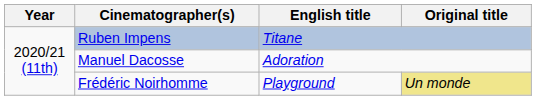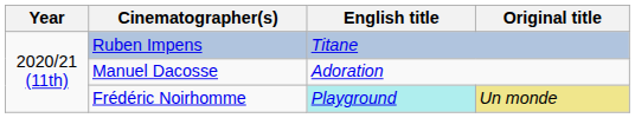 <table class="wikitable" width="95%" cellpadding="5">
 <tr>
 <th width="100"><strong>Year</strong></th>
 <th width="300"><strong>Cinematographer(s)</strong></th>
 <th width="300"><strong>English title</strong></th>
 <th width="300"><strong>Original title</strong></th>
 </tr>
 <tr>
 <td rowspan="3" style="text-align:center;">2020/21<br><a href='#'>(11th)</a></td>
 <td style="background:#B0C4DE;"><a href='#'>Ruben Impens</a></td>
 <td style="background:#B0C4DE;" colspan="2"><em><a href='#'>Titane</a></em></td>
 </tr>
 <tr>
 <td><a href='#'>Manuel Dacosse</a></td>
 <td colspan="2"><em><a href='#'>Adoration</a></em></td>
 </tr>
 <tr>
 <td><a href='#'>Frédéric Noirhomme</a></td>
-<td><em><a href='#'>Playground</a></em></td>
+<td style="background: paleturquoise;"><em><a href='#'>Playground</a></em></td>
 <td style="background: khaki;"><em>Un monde</em></td>
 </tr>
 </table>
